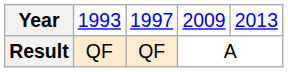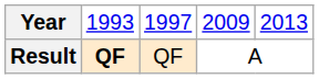 <table class="wikitable" style="text-align:center; font-size:90%; background:white">
 <tr>
 <th>Year</th>
 <td><a href='#'>1993</a></td>
 <td><a href='#'>1997</a></td>
 <td><a href='#'>2009</a></td>
 <td><a href='#'>2013</a></td>
 </tr>
 <tr>
 <th>Result</th>
-<td bgcolor="ffebcd">QF</td>
+<td bgcolor="ffebcd"><strong>QF</strong></td>
 <td bgcolor="ffebcd">QF</td>
 <td colspan="2">A</td>
 </tr>
 </table>
